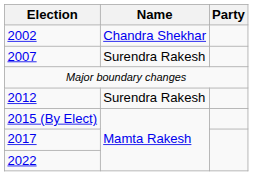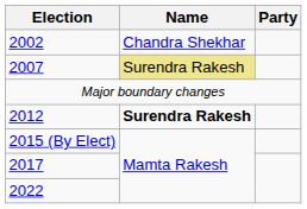 <table class="wikitable sortable">
 <tr>
 <th>Election</th>
 <th>Name</th>
 <th colspan=2>Party</th>
 </tr>
 <tr>
 <td><a href='#'>2002</a></td>
 <td><a href='#'>Chandra Shekhar</a></td>
 <td></td>
 </tr>
 <tr>
 <td><a href='#'>2007</a></td>
-<td>Surendra Rakesh</td>
+<td style="background: khaki;">Surendra Rakesh</td>
 <td></td>
 </tr>
 <tr>
 <td colspan=4 align=center><small><em>Major boundary changes</em></small></td>
 </tr>
 <tr>
 <td><a href='#'>2012</a></td>
-<td>Surendra Rakesh</td>
+<td><strong>Surendra Rakesh</strong></td>
 <td></td>
 </tr>
 <tr>
 <td><a href='#'>2015 (By Elect)</a></td>
 <td rowspan="3"><a href='#'>Mamta Rakesh</a></td>
 <td></td>
 </tr>
 <tr>
 <td><a href='#'>2017</a></td>
 </tr>
 <tr>
 <td><a href='#'>2022</a></td>
 </tr>
 </table>
